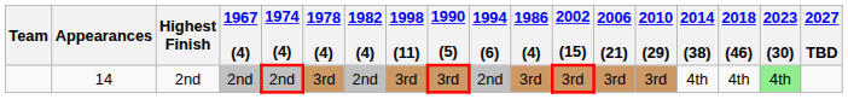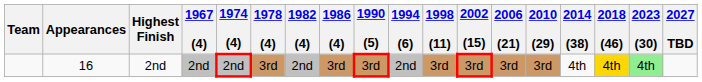 <table class="wikitable sortable collapsible" style="text-align:center;">
 <tr>
 <th>Team</th>
 <th>Appearances</th>
 <th>Highest<br>Finish</th>
 <th><a href='#'>1967</a><br><br>(4)</th>
 <th><a href='#'>1974</a><br><br>(4)</th>
 <th><a href='#'>1978</a><br><br>(4)</th>
 <th><a href='#'>1982</a><br><br>(4)</th>
-<th><a href='#'>1998</a><br><br>(11)</th>
+<th><a href='#'>1986</a><br><br>(4)</th>
 <th><a href='#'>1990</a><br><br>(5)</th>
 <th><a href='#'>1994</a><br><br>(6)</th>
-<th><a href='#'>1986</a><br><br>(4)</th>
+<th><a href='#'>1998</a><br><br>(11)</th>
 <th><a href='#'>2002</a><br><br>(15)</th>
 <th><a href='#'>2006</a><br><br>(21)</th>
 <th><a href='#'>2010</a><br><br>(29)</th>
 <th><a href='#'>2014</a><br><br>(38)</th>
 <th><a href='#'>2018</a><br><br>(46)</th>
 <th><a href='#'>2023</a><br><br>(30)</th>
 <th><a href='#'>2027</a><br><br>TBD</th>
 </tr>
 <tr>
 <td align=left></td>
-<td>14</td>
+<td>16</td>
 <td>2nd</td>
 <td bgcolor=silver>2nd</td>
 <td style="width:10px;border:3px solid red"bgcolor=silver>2nd</td>
 <td bgcolor="cc9966">3rd</td>
 <td bgcolor=silver>2nd</td>
 <td bgcolor=cc9966>3rd</td>
 <td style="width:10px;border:3px solid red"bgcolor=cc9966>3rd</td>
 <td bgcolor=silver>2nd</td>
 <td bgcolor=cc9966>3rd</td>
 <td style="width:10px;border:3px solid red"bgcolor=cc9966>3rd</td>
 <td bgcolor=cc9966>3rd</td>
 <td bgcolor=cc9966>3rd</td>
 <td>4th</td>
-<td>4th</td>
+<td style="background: gold;">4th</td>
 <td style="background: lightgreen;">4th</td>
 <td></td>
 </tr>
 </table>
